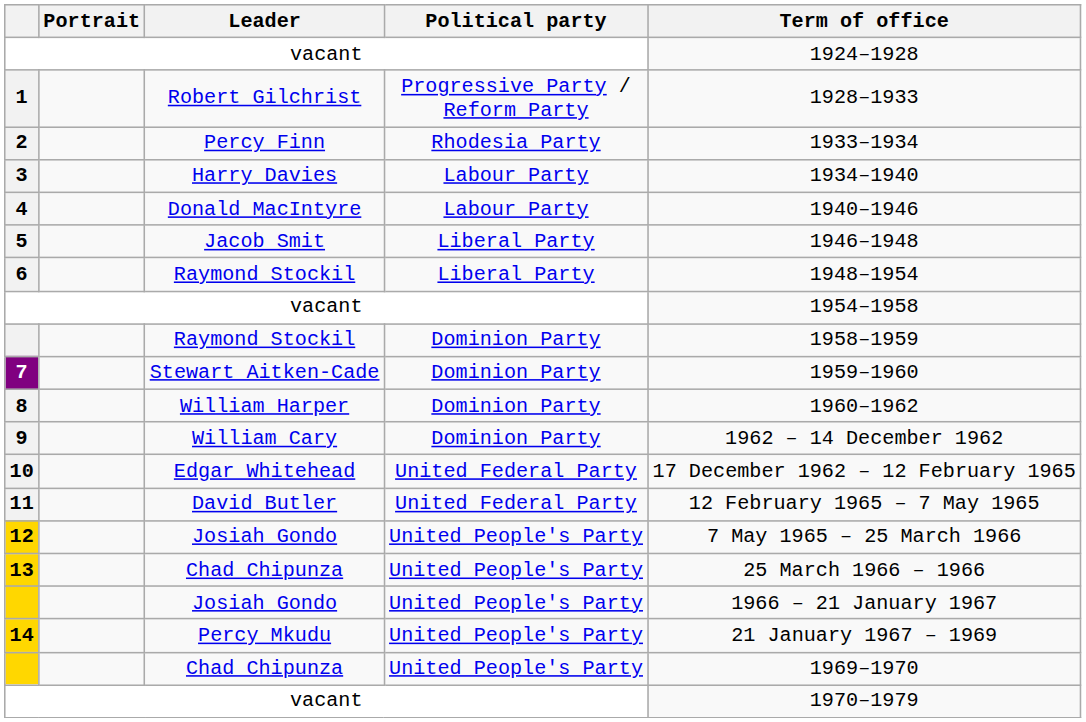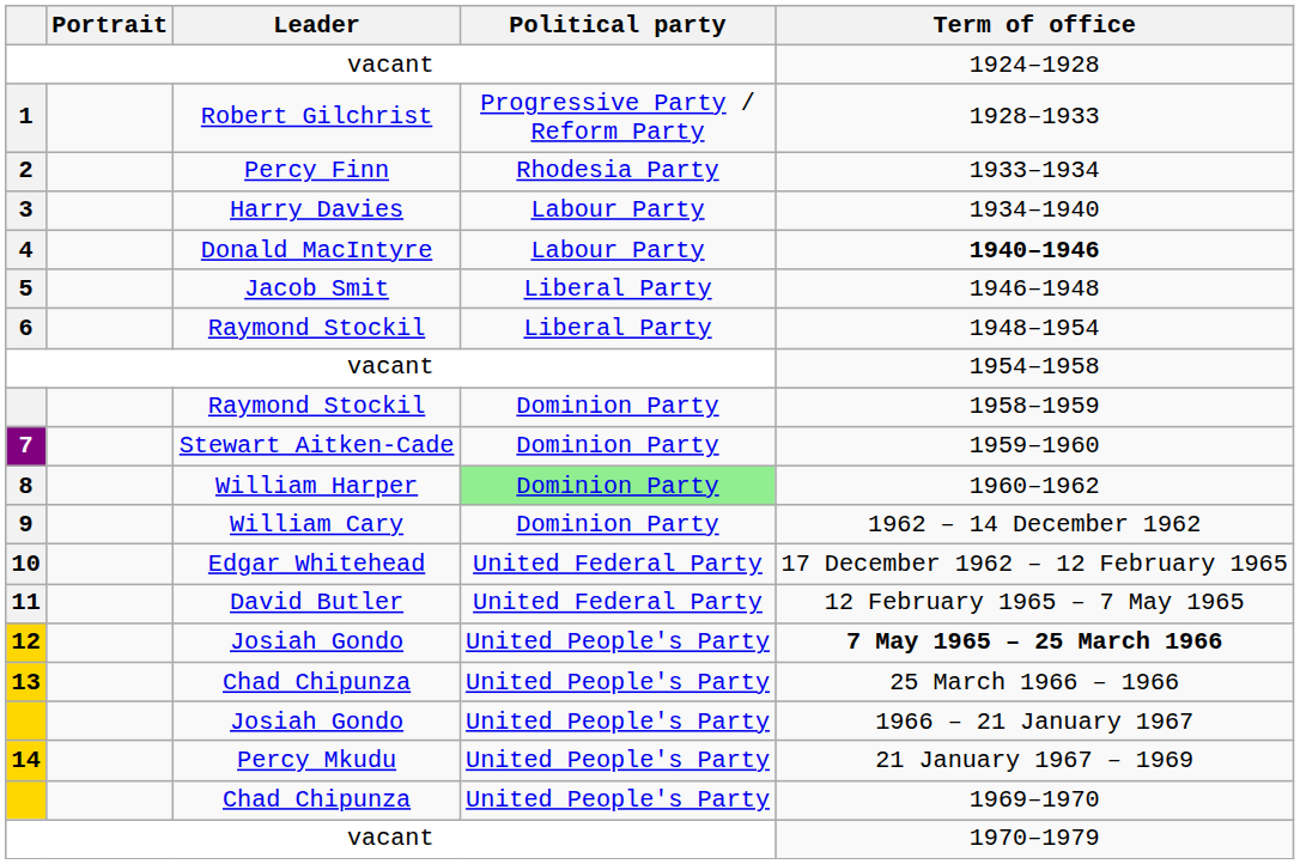 <table class="wikitable" style="text-align:center;">
 <tr>
 <th></th>
 <th>Portrait</th>
 <th>Leader<br></th>
 <th>Political party</th>
 <th>Term of office</th>
 </tr>
 <tr>
 <td colspan=4 bgcolor="white">vacant</td>
 <td>1924–1928</td>
 </tr>
 <tr>
 <th style="background:">1</th>
 <td></td>
 <td><a href='#'>Robert Gilchrist</a></td>
 <td><a href='#'>Progressive Party</a> / <br> <a href='#'>Reform Party</a></td>
 <td>1928–1933</td>
 </tr>
 <tr>
 <th style="background:">2</th>
 <td></td>
 <td><a href='#'>Percy Finn</a></td>
 <td><a href='#'>Rhodesia Party</a></td>
 <td>1933–1934</td>
 </tr>
 <tr>
 <th style="background:">3</th>
 <td></td>
 <td><a href='#'>Harry Davies</a><br></td>
 <td><a href='#'>Labour Party</a></td>
 <td>1934–1940</td>
 </tr>
 <tr>
 <th style="background:">4</th>
 <td></td>
 <td><a href='#'>Donald MacIntyre</a><br></td>
 <td><a href='#'>Labour Party</a></td>
-<td>1940–1946</td>
+<td><strong>1940–1946</strong></td>
 </tr>
 <tr>
 <th style="background:">5</th>
 <td></td>
 <td><a href='#'>Jacob Smit</a><br></td>
 <td><a href='#'>Liberal Party</a></td>
 <td>1946–1948</td>
 </tr>
 <tr>
 <th style="background:">6</th>
 <td></td>
 <td><a href='#'>Raymond Stockil</a></td>
 <td><a href='#'>Liberal Party</a></td>
 <td>1948–1954</td>
 </tr>
 <tr>
 <td colspan=4 bgcolor="white">vacant</td>
 <td>1954–1958</td>
 </tr>
 <tr>
 <th style="background:"></th>
 <td></td>
 <td><a href='#'>Raymond Stockil</a></td>
 <td><a href='#'>Dominion Party</a></td>
 <td>1958–1959</td>
 </tr>
 <tr>
 <th style="background:Purple; color:white;">7</th>
 <td></td>
 <td><a href='#'>Stewart Aitken-Cade</a></td>
 <td><a href='#'>Dominion Party</a></td>
 <td>1959–1960</td>
 </tr>
 <tr>
 <th style="background:">8</th>
 <td></td>
 <td><a href='#'>William Harper</a><br></td>
-<td><a href='#'>Dominion Party</a></td>
+<td style="background: lightgreen;"><a href='#'>Dominion Party</a></td>
 <td>1960–1962</td>
 </tr>
 <tr>
 <th style="background:">9</th>
 <td></td>
 <td><a href='#'>William Cary</a></td>
 <td><a href='#'>Dominion Party</a></td>
 <td>1962 – 14 December 1962</td>
 </tr>
 <tr>
 <th style="background:">10</th>
 <td></td>
 <td><a href='#'>Edgar Whitehead</a><br></td>
 <td><a href='#'>United Federal Party</a></td>
 <td>17 December 1962 – 12 February 1965</td>
 </tr>
 <tr>
 <th style="background:">11</th>
 <td></td>
 <td><a href='#'>David Butler</a></td>
 <td><a href='#'>United Federal Party</a></td>
 <td>12 February 1965 – 7 May 1965</td>
 </tr>
 <tr>
 <th style="background:Gold; color:black;">12</th>
 <td></td>
 <td><a href='#'>Josiah Gondo</a><br></td>
 <td><a href='#'>United People's Party</a></td>
-<td>7 May 1965 – 25 March 1966</td>
+<td><strong>7 May 1965 – 25 March 1966</strong></td>
 </tr>
 <tr>
 <th style="background:Gold; color:black;">13</th>
 <td></td>
 <td><a href='#'>Chad Chipunza</a></td>
 <td><a href='#'>United People's Party</a></td>
 <td>25 March 1966 – 1966</td>
 </tr>
 <tr>
 <th style="background:Gold; color:black;"></th>
 <td></td>
 <td><a href='#'>Josiah Gondo</a><br></td>
 <td><a href='#'>United People's Party</a></td>
 <td>1966 – 21 January 1967</td>
 </tr>
 <tr>
 <th style="background:Gold; color:black;">14</th>
 <td></td>
 <td><a href='#'>Percy Mkudu</a></td>
 <td><a href='#'>United People's Party</a></td>
 <td>21 January 1967 – 1969</td>
 </tr>
 <tr>
 <th style="background:Gold; color:black;"></th>
 <td></td>
 <td><a href='#'>Chad Chipunza</a></td>
 <td><a href='#'>United People's Party</a></td>
 <td>1969–1970</td>
 </tr>
 <tr>
 <td colspan=4 bgcolor="white">vacant</td>
 <td>1970–1979</td>
 </tr>
 </table>
